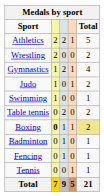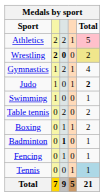 <table class="wikitable" style="font-size:85%; float:right;">
 <tr style="background:#efefef;">
 <th colspan=7>Medals by sport</th>
 </tr>
 <tr align=center>
 <td><strong>Sport</strong></td>
 <td style="background:#f7f6a8;"></td>
 <td style="background:#dce5e5;"></td>
 <td style="background:#ffdab9;"></td>
 <td><strong>Total</strong></td>
 </tr>
 <tr align=center>
 <td><a href='#'>Athletics</a></td>
 <td style="background:#f7f6a8;">2</td>
 <td style="background:#dce5e5;">2</td>
 <td style="background:#ffdab9;">1</td>
-<td>5</td>
+<td style="background: pink;">5</td>
 </tr>
 <tr align=center>
 <td><a href='#'>Wrestling</a></td>
-<td style="background:#f7f6a8;">2</td>
-<td style="background:#dce5e5;">0</td>
+<td style="background:#f7f6a8;"><strong>2</strong></td>
+<td style="background:#dce5e5;"><strong>0</strong></td>
 <td style="background:#ffdab9;">0</td>
-<td>2</td>
+<td style="background: khaki;">2</td>
 </tr>
 <tr align=center>
 <td><a href='#'>Gymnastics</a></td>
 <td style="background:#f7f6a8;">1</td>
 <td style="background:#dce5e5;">2</td>
 <td style="background:#ffdab9;">1</td>
 <td>4</td>
 </tr>
 <tr align=center>
 <td><a href='#'>Judo</a></td>
 <td style="background:#f7f6a8;">1</td>
 <td style="background:#dce5e5;">0</td>
 <td style="background:#ffdab9;">1</td>
-<td>2</td>
+<td><strong>2</strong></td>
 </tr>
 <tr align=center>
 <td><a href='#'>Swimming</a></td>
 <td style="background:#f7f6a8;">1</td>
 <td style="background:#dce5e5;">0</td>
 <td style="background:#ffdab9;">0</td>
 <td>1</td>
 </tr>
 <tr align=center>
 <td><a href='#'>Table tennis</a></td>
 <td style="background:#f7f6a8;">0</td>
 <td style="background:#dce5e5;">2</td>
 <td style="background:#ffdab9;">0</td>
 <td>2</td>
 </tr>
 <tr align=center>
 <td><a href='#'>Boxing</a></td>
-<td style="background:#f7f6a8;"><strong>0</strong></td>
+<td style="background:#f7f6a8;">0</td>
 <td style="background:#dce5e5;">1</td>
 <td style="background:#ffdab9;">1</td>
-<td style="background: khaki;">2</td>
+<td>2</td>
 </tr>
 <tr align=center>
 <td><a href='#'>Badminton</a></td>
 <td style="background:#f7f6a8;">0</td>
-<td style="background:#dce5e5;">1</td>
+<td style="background:#dce5e5;"><strong>1</strong></td>
 <td style="background:#ffdab9;">0</td>
 <td>1</td>
 </tr>
 <tr align=center>
 <td><a href='#'>Fencing</a></td>
 <td style="background:#f7f6a8;">0</td>
 <td style="background:#dce5e5;">1</td>
 <td style="background:#ffdab9;">0</td>
 <td>1</td>
 </tr>
 <tr align=center>
 <td><a href='#'>Tennis</a></td>
 <td style="background:#f7f6a8;">0</td>
 <td style="background:#dce5e5;">0</td>
 <td style="background:#ffdab9;">1</td>
-<td>1</td>
+<td style="background: lightblue;">1</td>
 </tr>
 <tr align=center>
 <th>Total</th>
 <th style="background:gold;">7</th>
 <th style="background:silver;">9</th>
 <th style="background:#c96;">5</th>
 <th>21</th>
 </tr>
 </table>
